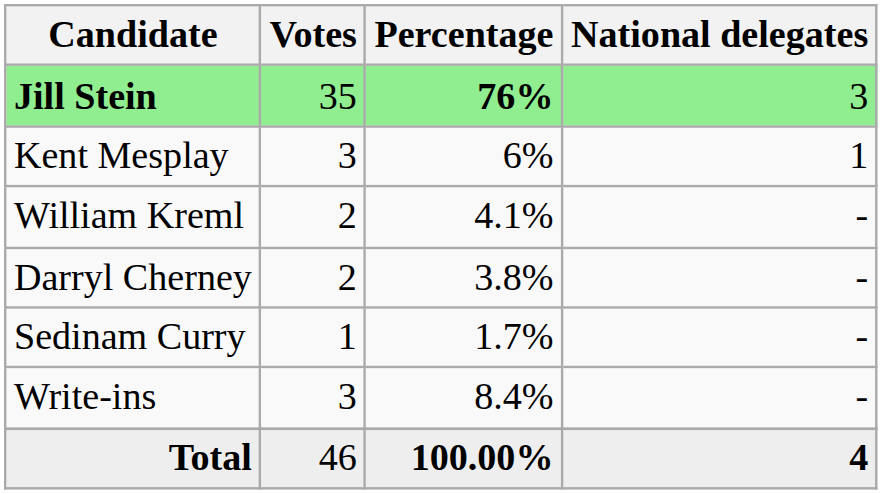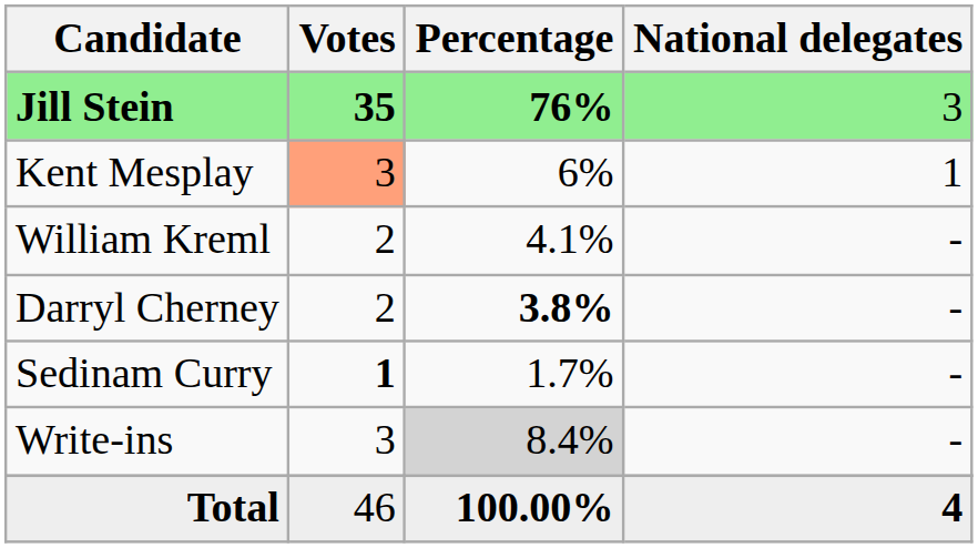 <table class="wikitable" style="text-align:right;">
 <tr>
 <th>Candidate</th>
 <th>Votes</th>
 <th>Percentage</th>
 <th>National delegates</th>
 </tr>
 <tr style="background:lightgreen;">
 <td style="text-align:left;"> <strong>Jill Stein</strong></td>
-<td>35</td>
+<td><strong>35</strong></td>
 <td><strong>76%</strong></td>
 <td>3</td>
 </tr>
 <tr>
 <td style="text-align:left;">Kent Mesplay</td>
-<td>3</td>
+<td style="background: lightsalmon;">3</td>
 <td>6%</td>
 <td>1</td>
 </tr>
 <tr>
 <td style="text-align:left;">William Kreml</td>
 <td>2</td>
 <td>4.1%</td>
 <td>-</td>
 </tr>
 <tr>
 <td style="text-align:left;">Darryl Cherney</td>
 <td>2</td>
-<td>3.8%</td>
+<td><strong>3.8%</strong></td>
 <td>-</td>
 </tr>
 <tr>
 <td style="text-align:left;">Sedinam Curry</td>
-<td>1</td>
+<td><strong>1</strong></td>
 <td>1.7%</td>
 <td>-</td>
 </tr>
 <tr>
 <td style="text-align:left;">Write-ins</td>
 <td>3</td>
-<td>8.4%</td>
+<td style="background: lightgrey;">8.4%</td>
 <td>-</td>
 </tr>
 <tr>
 </tr>
 <tr style="background:#EEE;">
 <td style="margin-right:0.50px"><strong>Total</strong></td>
 <td style="margin-right:0.50px">46</td>
 <td style="margin-right:0.50px"><strong>100.00%</strong></td>
 <td style="margin-right:0.50px"><strong>4</strong></td>
 </tr>
 </table>
